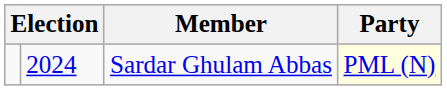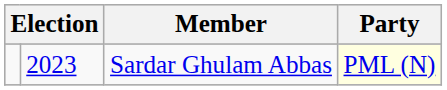 <table class="wikitable">
 <tr>
 <th colspan="2">Election</th>
 <th>Member</th>
 <th>Party</th>
 </tr>
 <tr>
 <td style="background-color: "></td>
-<td><a href='#'>2024</a></td>
+<td><a href='#'>2023</a></td>
 <td><a href='#'>Sardar Ghulam Abbas</a></td>
 <td style="background: lightyellow;"><a href='#'>PML (N)</a></td>
 </tr>
 </table>
